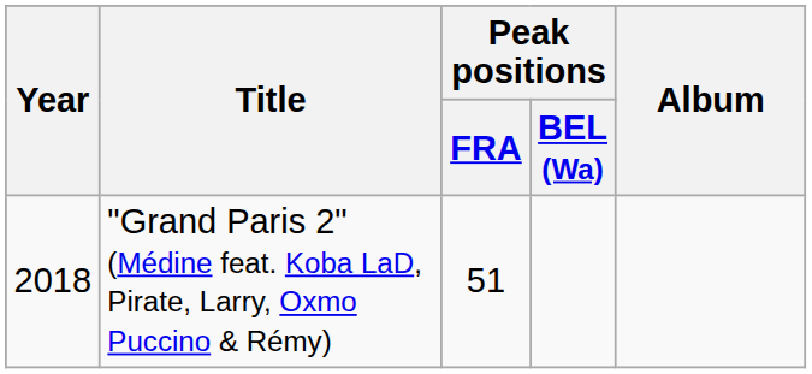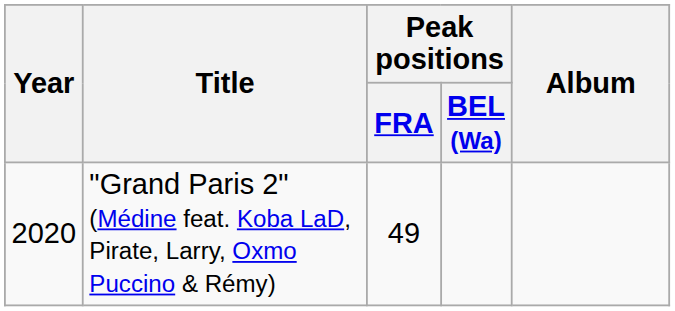 <table class="wikitable">
 <tr>
 <th align="center" rowspan="2" width="10">Year</th>
 <th align="center" rowspan="2" width="150">Title</th>
 <th align="center" colspan="2" width="10">Peak positions</th>
 <th align="center" rowspan="2" width="80">Album</th>
 </tr>
 <tr>
 <th><a href='#'>FRA</a><br></th>
 <th><a href='#'>BEL<br><small>(Wa)</small></a><br></th>
 </tr>
 <tr>
-<td>2018</td>
+<td>2020</td>
 <td>"Grand Paris 2"<br><small>(<a href='#'>Médine</a> feat. <a href='#'>Koba LaD</a>, Pirate, Larry, <a href='#'>Oxmo Puccino</a> & Rémy)</small></td>
-<td style="text-align:center;">51</td>
+<td style="text-align:center;">49</td>
 <td style="text-align:center;"></td>
 <td style="text-align:center;"></td>
 </tr>
 </table>
